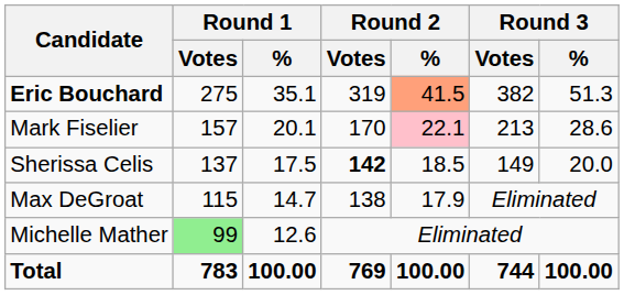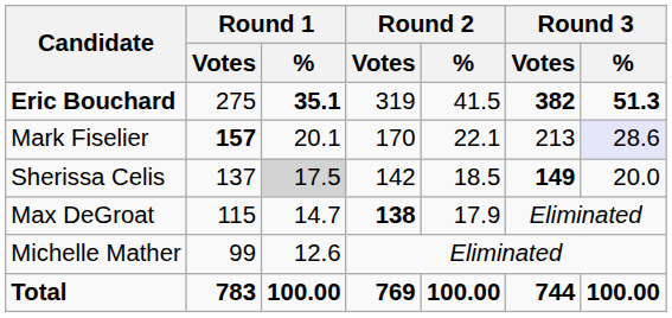 <table class="wikitable">
 <tr>
 <th rowspan=2>Candidate</th>
 <th colspan=2>Round 1</th>
 <th colspan=2>Round 2</th>
 <th colspan=2>Round 3</th>
 </tr>
 <tr>
 <th>Votes</th>
 <th>%</th>
 <th>Votes</th>
 <th>%</th>
 <th>Votes</th>
 <th>%</th>
 </tr>
 <tr>
 <td><strong>Eric Bouchard</strong></td>
 <td style="text-align:right">275</td>
-<td style="text-align:right">35.1</td>
+<td style="text-align:right"><strong>35.1</strong></td>
 <td style="text-align:right">319</td>
-<td style="background: lightsalmon; text-align:right">41.5</td>
-<td style="text-align:right">382</td>
-<td style="text-align:right">51.3</td>
+<td style="text-align:right">41.5</td>
+<td style="text-align:right"><strong>382</strong></td>
+<td style="text-align:right"><strong>51.3</strong></td>
 </tr>
 <tr>
 <td>Mark Fiselier</td>
-<td style="text-align:right">157</td>
+<td style="text-align:right"><strong>157</strong></td>
 <td style="text-align:right">20.1</td>
 <td style="text-align:right">170</td>
-<td style="background: pink; text-align:right">22.1</td>
+<td style="text-align:right">22.1</td>
 <td style="text-align:right">213</td>
-<td style="text-align:right">28.6</td>
+<td style="background: lavender; text-align:right">28.6</td>
 </tr>
 <tr>
 <td>Sherissa Celis</td>
 <td style="text-align:right">137</td>
-<td style="text-align:right">17.5</td>
-<td style="text-align:right"><strong>142</strong></td>
+<td style="background: lightgrey; text-align:right">17.5</td>
+<td style="text-align:right">142</td>
 <td style="text-align:right">18.5</td>
-<td style="text-align:right">149</td>
+<td style="text-align:right"><strong>149</strong></td>
 <td style="text-align:right">20.0</td>
 </tr>
 <tr>
 <td>Max DeGroat</td>
 <td style="text-align:right">115</td>
 <td style="text-align:right">14.7</td>
-<td style="text-align:right">138</td>
+<td style="text-align:right"><strong>138</strong></td>
 <td style="text-align:right">17.9</td>
 <td colspan="4" style="text-align:center"><em>Eliminated</em></td>
 </tr>
 <tr>
 <td>Michelle Mather</td>
-<td style="background: lightgreen; text-align:right">99</td>
+<td style="text-align:right">99</td>
 <td style="text-align:right">12.6</td>
 <td colspan="6" style="text-align:center"><em>Eliminated</em></td>
 </tr>
 <tr>
 <td><strong>Total</strong></td>
 <td style="text-align:right"><strong>783</strong></td>
 <td style="text-align:right"><strong>100.00</strong></td>
 <td style="text-align:right"><strong>769</strong></td>
 <td style="text-align:right"><strong>100.00</strong></td>
 <td style="text-align:right"><strong>744</strong></td>
 <td style="text-align:right"><strong>100.00</strong></td>
 </tr>
 </table>
